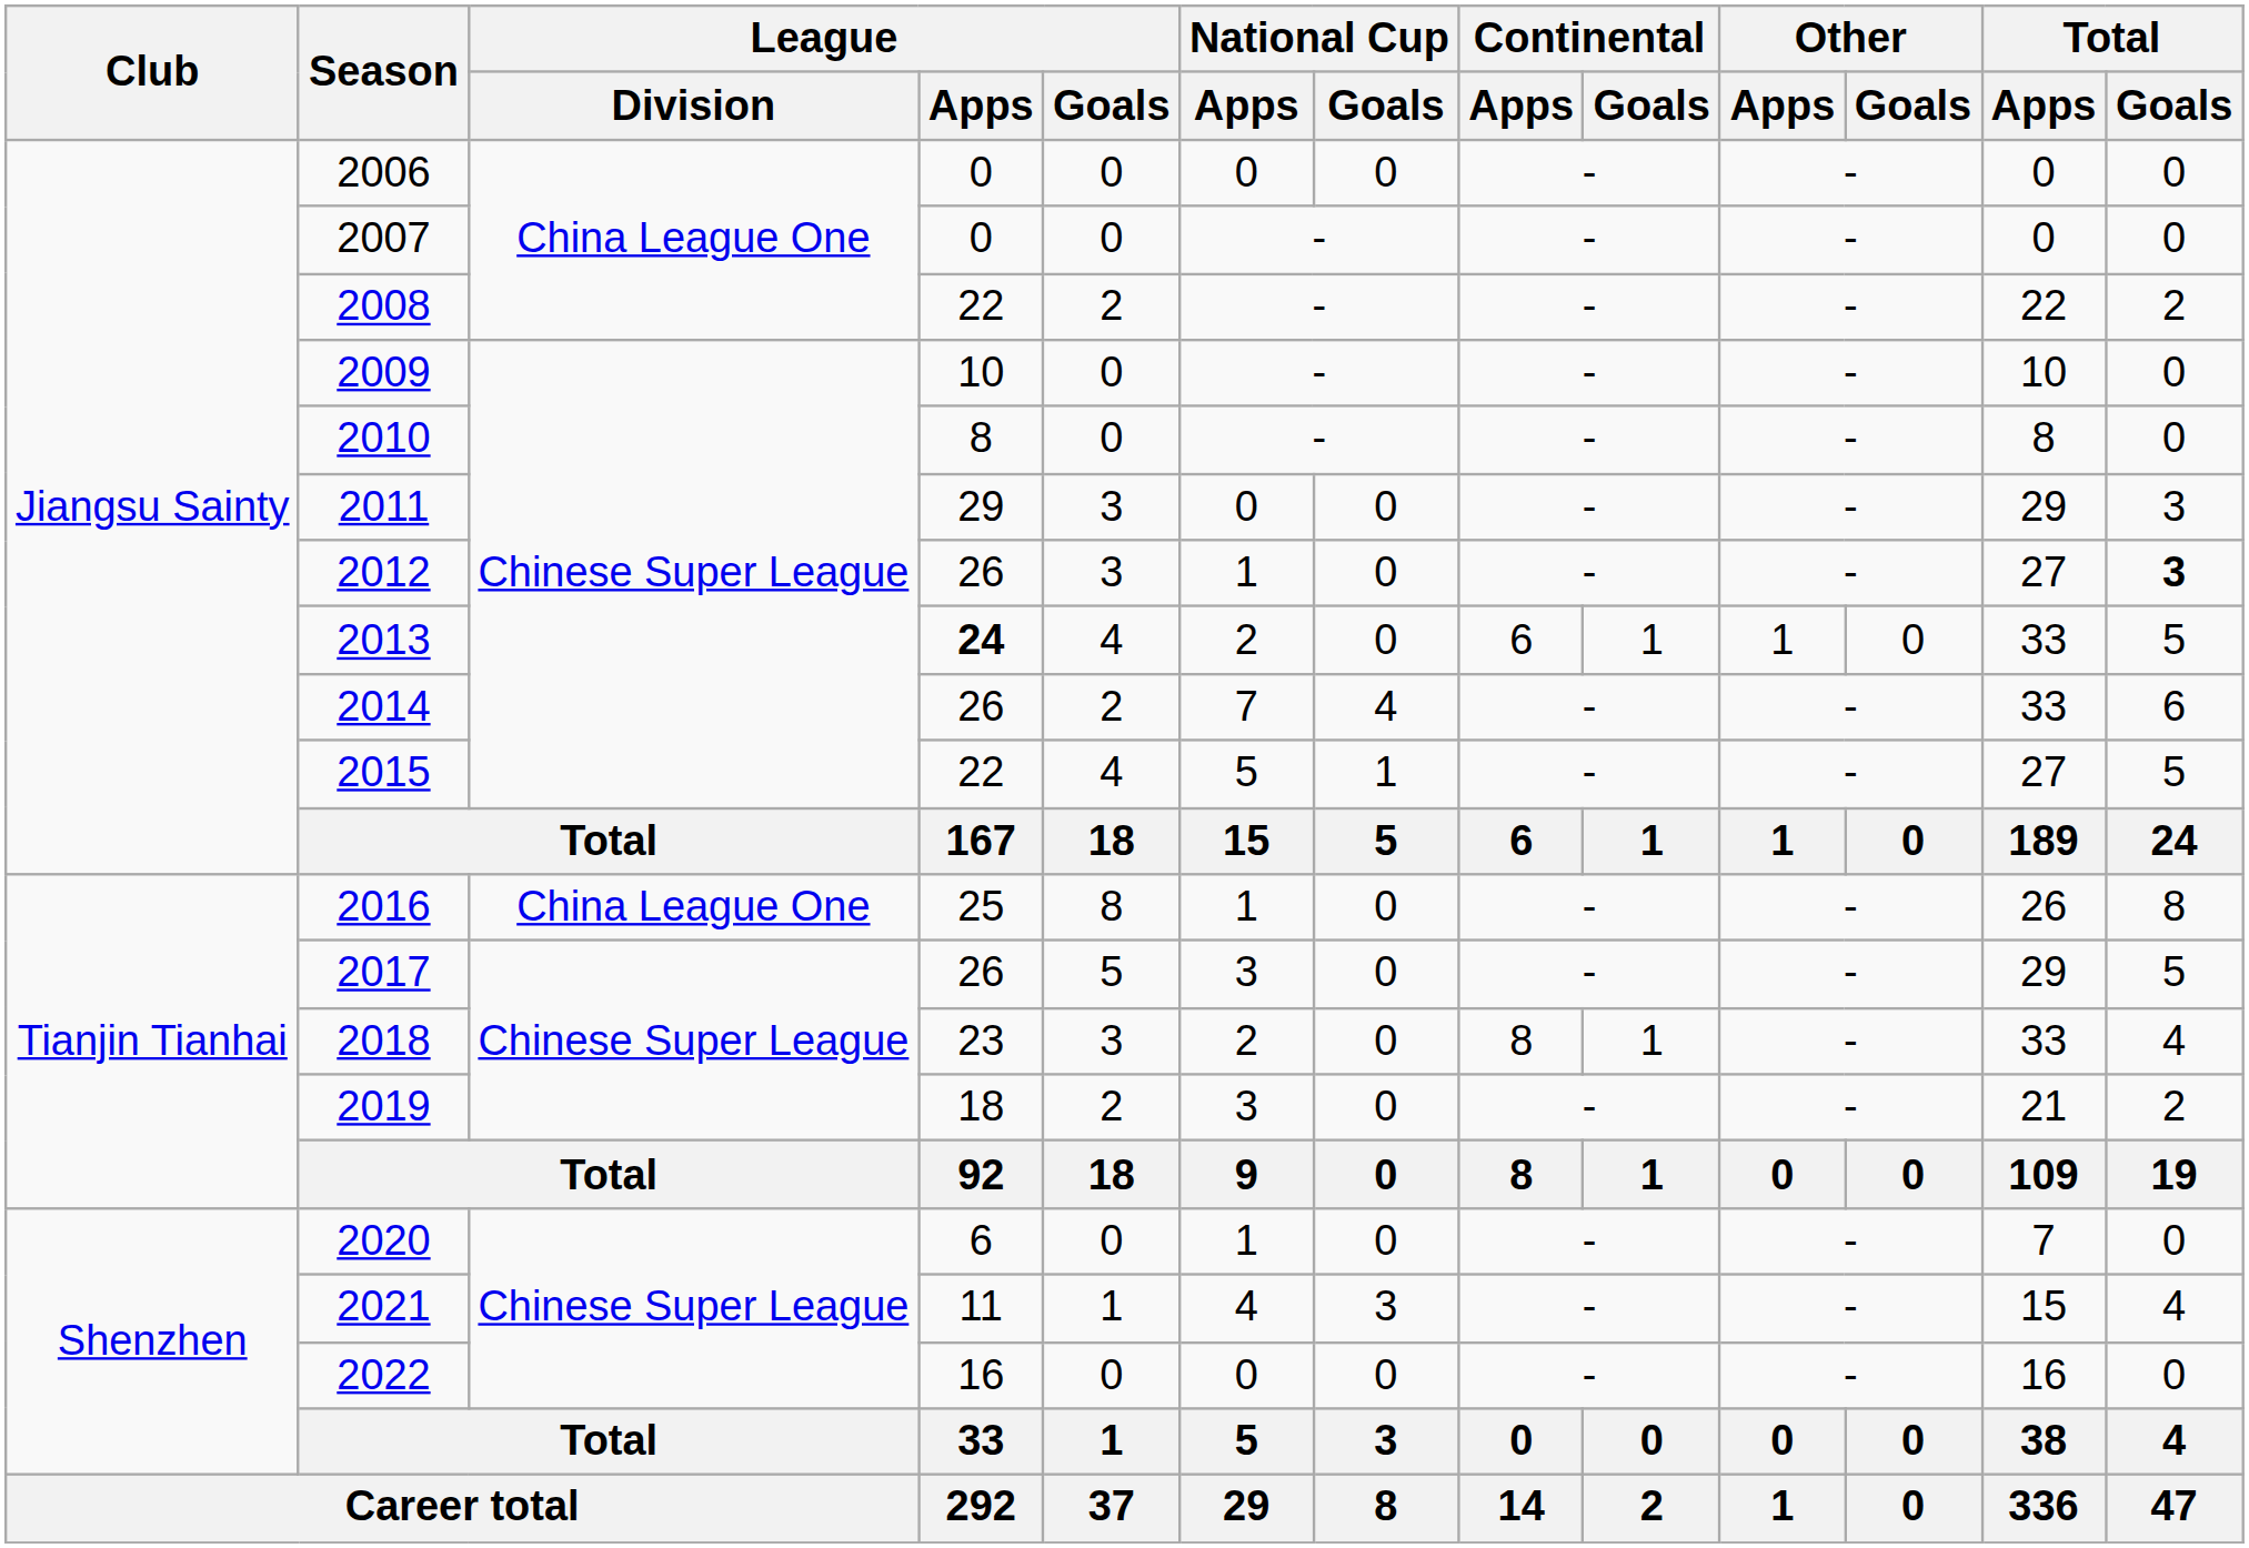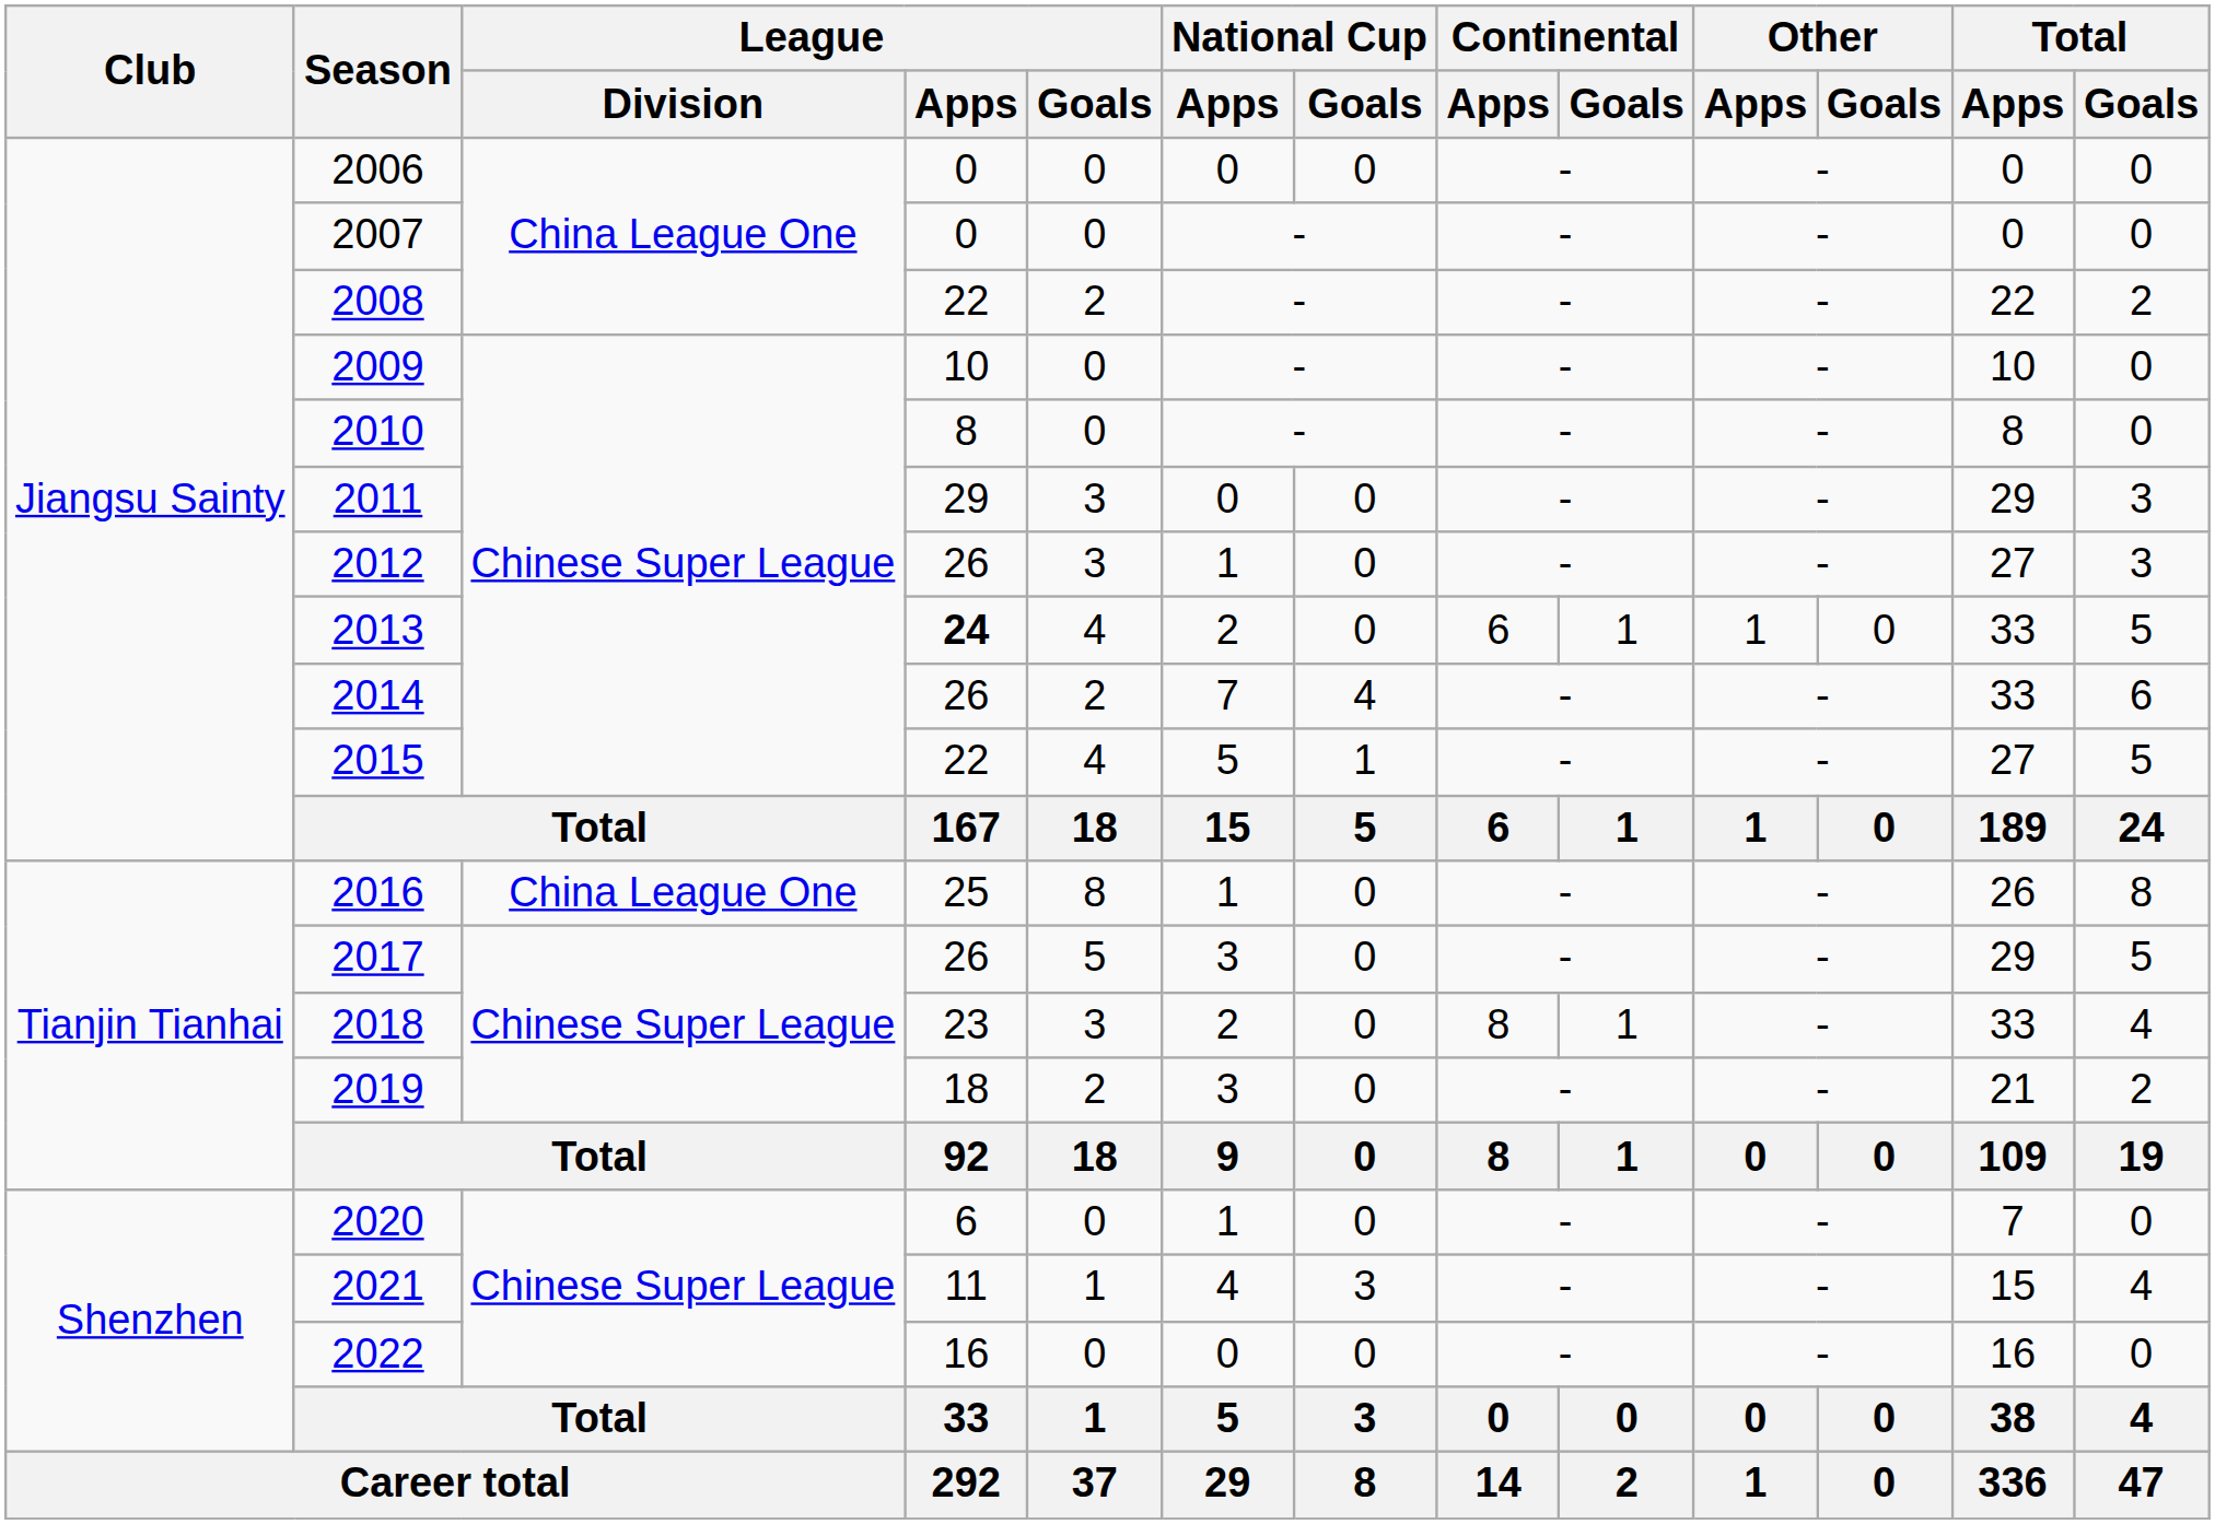 <table class="wikitable" style="text-align: center">
 <tr>
 <th rowspan="2">Club</th>
 <th rowspan="2">Season</th>
 <th colspan="3">League</th>
 <th colspan="2">National Cup</th>
 <th colspan="2">Continental</th>
 <th colspan="2">Other</th>
 <th colspan="2">Total</th>
 </tr>
 <tr>
 <th>Division</th>
 <th>Apps</th>
 <th>Goals</th>
 <th>Apps</th>
 <th>Goals</th>
 <th>Apps</th>
 <th>Goals</th>
 <th>Apps</th>
 <th>Goals</th>
 <th>Apps</th>
 <th>Goals</th>
 </tr>
 <tr>
 <td rowspan=11><a href='#'>Jiangsu Sainty</a></td>
 <td>2006</td>
 <td rowspan="3"><a href='#'>China League One</a></td>
 <td>0</td>
 <td>0</td>
 <td>0</td>
 <td>0</td>
 <td colspan="2">-</td>
 <td colspan="2">-</td>
 <td>0</td>
 <td>0</td>
 </tr>
 <tr>
 <td>2007</td>
 <td>0</td>
 <td>0</td>
 <td colspan="2">-</td>
 <td colspan="2">-</td>
 <td colspan="2">-</td>
 <td>0</td>
 <td>0</td>
 </tr>
 <tr>
 <td><a href='#'>2008</a></td>
 <td>22</td>
 <td>2</td>
 <td colspan="2">-</td>
 <td colspan="2">-</td>
 <td colspan="2">-</td>
 <td>22</td>
 <td>2</td>
 </tr>
 <tr>
 <td><a href='#'>2009</a></td>
 <td rowspan="7"><a href='#'>Chinese Super League</a></td>
 <td>10</td>
 <td>0</td>
 <td colspan="2">-</td>
 <td colspan="2">-</td>
 <td colspan="2">-</td>
 <td>10</td>
 <td>0</td>
 </tr>
 <tr>
 <td><a href='#'>2010</a></td>
 <td>8</td>
 <td>0</td>
 <td colspan="2">-</td>
 <td colspan="2">-</td>
 <td colspan="2">-</td>
 <td>8</td>
 <td>0</td>
 </tr>
 <tr>
 <td><a href='#'>2011</a></td>
 <td>29</td>
 <td>3</td>
 <td>0</td>
 <td>0</td>
 <td colspan="2">-</td>
 <td colspan="2">-</td>
 <td>29</td>
 <td>3</td>
 </tr>
 <tr>
 <td><a href='#'>2012</a></td>
 <td>26</td>
 <td>3</td>
 <td>1</td>
 <td>0</td>
 <td colspan="2">-</td>
 <td colspan="2">-</td>
 <td>27</td>
-<td><strong>3</strong></td>
+<td>3</td>
 </tr>
 <tr>
 <td><a href='#'>2013</a></td>
 <td><strong>24</strong></td>
 <td>4</td>
 <td>2</td>
 <td>0</td>
 <td>6</td>
 <td>1</td>
 <td>1</td>
 <td>0</td>
 <td>33</td>
 <td>5</td>
 </tr>
 <tr>
 <td><a href='#'>2014</a></td>
 <td>26</td>
 <td>2</td>
 <td>7</td>
 <td>4</td>
 <td colspan="2">-</td>
 <td colspan="2">-</td>
 <td>33</td>
 <td>6</td>
 </tr>
 <tr>
 <td><a href='#'>2015</a></td>
 <td>22</td>
 <td>4</td>
 <td>5</td>
 <td>1</td>
 <td colspan="2">-</td>
 <td colspan="2">-</td>
 <td>27</td>
 <td>5</td>
 </tr>
 <tr>
 <th colspan=2>Total</th>
 <th>167</th>
 <th>18</th>
 <th>15</th>
 <th>5</th>
 <th>6</th>
 <th>1</th>
 <th>1</th>
 <th>0</th>
 <th>189</th>
 <th>24</th>
 </tr>
 <tr>
 <td rowspan=5><a href='#'>Tianjin Tianhai</a></td>
 <td><a href='#'>2016</a></td>
 <td><a href='#'>China League One</a></td>
 <td>25</td>
 <td>8</td>
 <td>1</td>
 <td>0</td>
 <td colspan="2">-</td>
 <td colspan="2">-</td>
 <td>26</td>
 <td>8</td>
 </tr>
 <tr>
 <td><a href='#'>2017</a></td>
 <td rowspan="3"><a href='#'>Chinese Super League</a></td>
 <td>26</td>
 <td>5</td>
 <td>3</td>
 <td>0</td>
 <td colspan="2">-</td>
 <td colspan="2">-</td>
 <td>29</td>
 <td>5</td>
 </tr>
 <tr>
 <td><a href='#'>2018</a></td>
 <td>23</td>
 <td>3</td>
 <td>2</td>
 <td>0</td>
 <td>8</td>
 <td>1</td>
 <td colspan="2">-</td>
 <td>33</td>
 <td>4</td>
 </tr>
 <tr>
 <td><a href='#'>2019</a></td>
 <td>18</td>
 <td>2</td>
 <td>3</td>
 <td>0</td>
 <td colspan="2">-</td>
 <td colspan="2">-</td>
 <td>21</td>
 <td>2</td>
 </tr>
 <tr>
 <th colspan=2>Total</th>
 <th>92</th>
 <th>18</th>
 <th>9</th>
 <th>0</th>
 <th>8</th>
 <th>1</th>
 <th>0</th>
 <th>0</th>
 <th>109</th>
 <th>19</th>
 </tr>
 <tr>
 <td rowspan=4><a href='#'>Shenzhen</a></td>
 <td><a href='#'>2020</a></td>
 <td rowspan=3><a href='#'>Chinese Super League</a></td>
 <td>6</td>
 <td>0</td>
 <td>1</td>
 <td>0</td>
 <td colspan="2">-</td>
 <td colspan="2">-</td>
 <td>7</td>
 <td>0</td>
 </tr>
 <tr>
 <td><a href='#'>2021</a></td>
 <td>11</td>
 <td>1</td>
 <td>4</td>
 <td>3</td>
 <td colspan="2">-</td>
 <td colspan="2">-</td>
 <td>15</td>
 <td>4</td>
 </tr>
 <tr>
 <td><a href='#'>2022</a></td>
 <td>16</td>
 <td>0</td>
 <td>0</td>
 <td>0</td>
 <td colspan="2">-</td>
 <td colspan="2">-</td>
 <td>16</td>
 <td>0</td>
 </tr>
 <tr>
 <th colspan=2>Total</th>
 <th>33</th>
 <th>1</th>
 <th>5</th>
 <th>3</th>
 <th>0</th>
 <th>0</th>
 <th>0</th>
 <th>0</th>
 <th>38</th>
 <th>4</th>
 </tr>
 <tr>
 <th colspan=3>Career total</th>
 <th>292</th>
 <th>37</th>
 <th>29</th>
 <th>8</th>
 <th>14</th>
 <th>2</th>
 <th>1</th>
 <th>0</th>
 <th>336</th>
 <th>47</th>
 </tr>
 </table>
